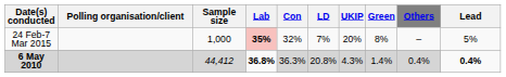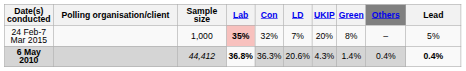 <table class="wikitable sortable" style="text-align:center;font-size:90%;line-height:14px">
 <tr>
 <th ! style="width:75px;">Date(s)<br>conducted</th>
 <th style="width:200px;">Polling organisation/client</th>
 <th class="unsortable" style="width:75px;">Sample size</th>
 <th class="unsortable" style="background:"><a href='#'><span>Lab</span></a></th>
 <th class="unsortable" style="background:"><a href='#'><span>Con</span></a></th>
 <th class="unsortable" style="background:"><a href='#'><span>LD</span></a></th>
 <th class="unsortable" style="background:"><a href='#'><span>UKIP</span></a></th>
 <th class="unsortable" style="background:"><a href='#'><span>Green</span></a></th>
 <th class="unsortable" style="background:gray; width:60px;"><a href='#'><span>Others</span></a></th>
 <th class="unsortable" style="width:85px;">Lead</th>
 </tr>
 <tr>
 <td>24 Feb-7 Mar 2015</td>
 <td></td>
 <td>1,000</td>
 <td style="background:#F8C1BE"><strong>35%</strong></td>
 <td>32%</td>
 <td>7%</td>
 <td>20%</td>
 <td>8%</td>
 <td>–</td>
 <td style="background:">5%</td>
 </tr>
 <tr>
 <td style="background:#D5D5D5"><strong>6 May 2010</strong></td>
 <td style="background:#D5D5D5"></td>
 <td style="background:#D5D5D5"><em>44,412</em></td>
 <td style="background:"><strong>36.8%</strong></td>
 <td style="background:#D5D5D5">36.3%</td>
-<td style="background:#D5D5D5; color:Black;">20.8%</td>
+<td style="background:#D5D5D5; color:Black;">20.6%</td>
 <td style="background:#D5D5D5">4.3%</td>
 <td style="background:#D5D5D5">1.4%</td>
 <td style="background:#D5D5D5">0.4%</td>
 <td style="background:"><strong>0.4% </strong></td>
 </tr>
 </table>
